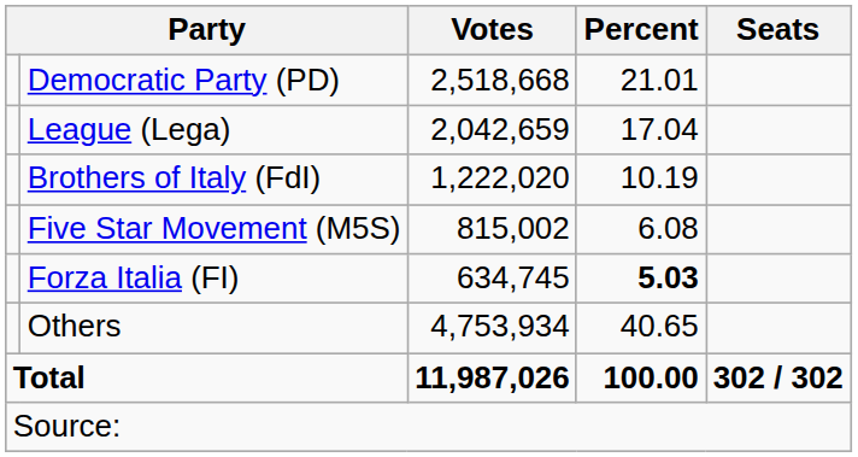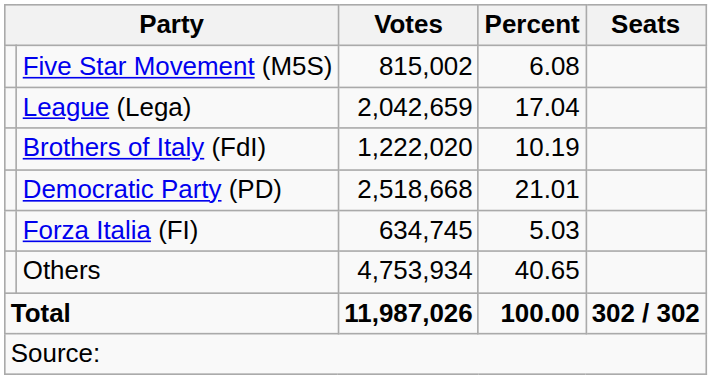 <table class=wikitable style=text-align:right>
 <tr>
 <th colspan=2>Party</th>
 <th>Votes</th>
 <th>Percent</th>
 <th>Seats</th>
 </tr>
 <tr>
 <td style="background-color:"></td>
-<td align=left><a href='#'>Democratic Party</a> (PD)</td>
-<td>2,518,668</td>
-<td>21.01</td>
+<td align="left"><a href='#'>Five Star Movement</a> (M5S)</td>
+<td>815,002</td>
+<td>6.08</td>
 <td></td>
 </tr>
 <tr>
 <td style="background-color:"></td>
 <td align="left"><a href='#'>League</a> (Lega)</td>
 <td>2,042,659</td>
 <td>17.04</td>
 <td></td>
 </tr>
 <tr>
 <td style="background-color:"></td>
 <td align="left"><a href='#'>Brothers of Italy</a> (FdI)</td>
 <td>1,222,020</td>
 <td>10.19</td>
 <td></td>
 </tr>
 <tr>
 <td style="background-color:"></td>
-<td align="left"><a href='#'>Five Star Movement</a> (M5S)</td>
-<td>815,002</td>
-<td>6.08</td>
+<td align=left><a href='#'>Democratic Party</a> (PD)</td>
+<td>2,518,668</td>
+<td>21.01</td>
 <td></td>
 </tr>
 <tr>
 <td style="background-color:"></td>
 <td align=left><a href='#'>Forza Italia</a> (FI)</td>
 <td>634,745</td>
-<td><strong>5.03</strong></td>
+<td>5.03</td>
 <td></td>
 </tr>
 <tr>
 <td style="background-color:"></td>
 <td align="left">Others</td>
 <td>4,753,934</td>
 <td>40.65</td>
 <td></td>
 </tr>
 <tr>
 <td colspan="2" align="left"><strong>Total</strong></td>
 <td><strong>11,987,026</strong></td>
 <td><strong>100.00</strong></td>
 <td><strong>302 / 302</strong></td>
 </tr>
 <tr>
 <td align=left colspan=5>Source: </td>
 </tr>
 </table>
